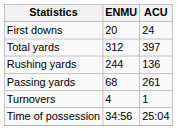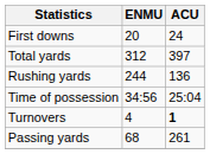 <table class="wikitable">
 <tr>
 <th>Statistics</th>
 <th>ENMU</th>
 <th>ACU</th>
 </tr>
 <tr>
 <td>First downs</td>
 <td>20</td>
 <td>24</td>
 </tr>
 <tr>
 <td>Total yards</td>
 <td>312</td>
 <td>397</td>
 </tr>
 <tr>
 <td>Rushing yards</td>
 <td>244</td>
 <td>136</td>
 </tr>
 <tr>
+<td>Time of possession</td>
+<td>34:56</td>
+<td>25:04</td>
+</tr>
+<tr>
+<td>Turnovers</td>
+<td>4</td>
+<td><strong>1</strong></td>
+</tr>
+<tr>
 <td>Passing yards</td>
 <td>68</td>
 <td>261</td>
 </tr>
 <tr>
-<td>Turnovers</td>
-<td>4</td>
-<td>1</td>
-</tr>
-<tr>
-<td>Time of possession</td>
-<td>34:56</td>
-<td>25:04</td>
-</tr>
-<tr>
 </tr>
 </table>
